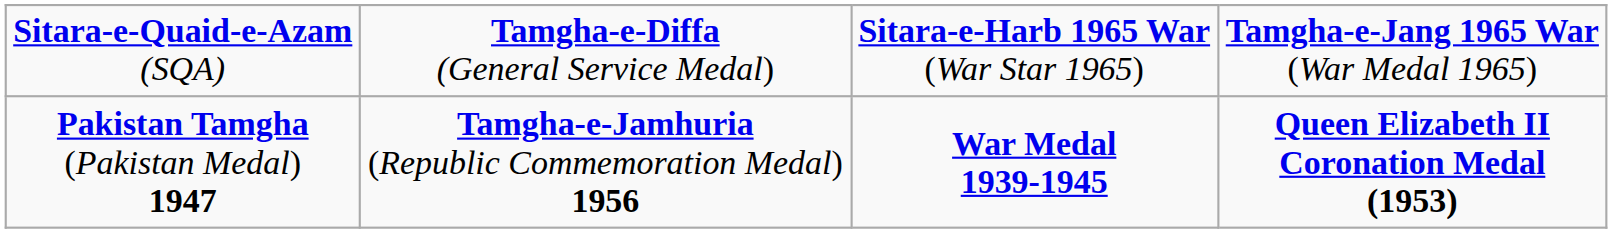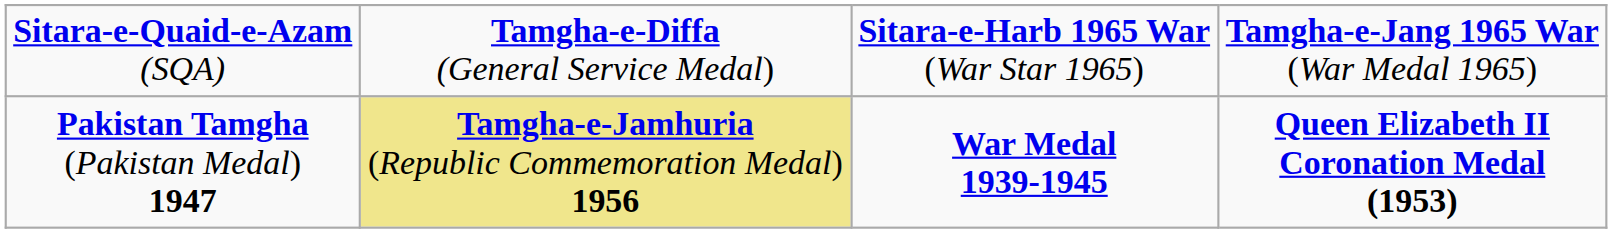 <table class="wikitable" style="margin:1em auto; text-align:center;">
 <tr>
 <td><strong><a href='#'>Sitara-e-Quaid-e-Azam</a></strong><br><em>(SQA)</em></td>
 <td><strong><a href='#'>Tamgha-e-Diffa</a></strong><br><em>(General Service Medal</em>)</td>
 <td><strong><a href='#'>Sitara-e-Harb 1965 War</a></strong><br>(<em>War Star 1965</em>)</td>
 <td><strong><a href='#'>Tamgha-e-Jang 1965 War</a></strong><br>(<em>War Medal 1965</em>)</td>
 </tr>
 <tr>
 <td><strong><a href='#'>Pakistan Tamgha</a></strong><br>(<em>Pakistan Medal</em>)<br><strong>1947</strong></td>
-<td><strong><a href='#'>Tamgha-e-Jamhuria</a></strong><br>(<em>Republic Commemoration Medal</em>)<br><strong>1956</strong></td>
+<td style="background: khaki;"><strong><a href='#'>Tamgha-e-Jamhuria</a></strong><br>(<em>Republic Commemoration Medal</em>)<br><strong>1956</strong></td>
 <td><strong><a href='#'>War Medal</a></strong><br><strong><a href='#'>1939-1945</a></strong></td>
 <td><strong><a href='#'>Queen Elizabeth II</a></strong><br><strong><a href='#'>Coronation Medal</a></strong><br><strong>(1953)</strong></td>
 </tr>
 </table>
